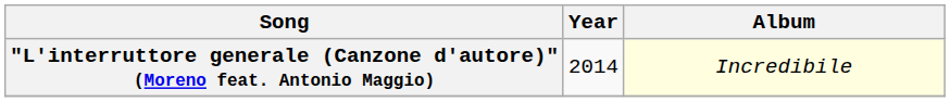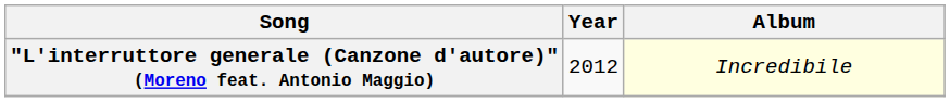 <table class="wikitable plainrowheaders" style="text-align:center;" border="1">
 <tr>
 <th scope="col">Song</th>
 <th scope="col">Year</th>
 <th scope="col" style="width:15em;">Album</th>
 </tr>
 <tr>
 <th scope="row">"L'interruttore generale (Canzone d'autore)"<br><small>(<a href='#'>Moreno</a> feat. Antonio Maggio)</small></th>
-<td>2014</td>
+<td>2012</td>
 <td style="background: lightyellow;"><em>Incredibile</em></td>
 </tr>
 <tr>
 </tr>
 </table>
